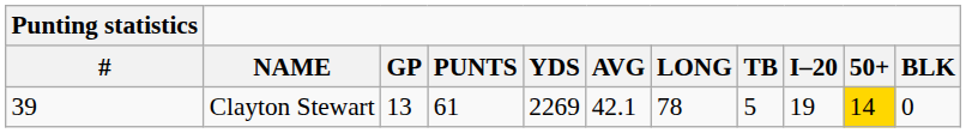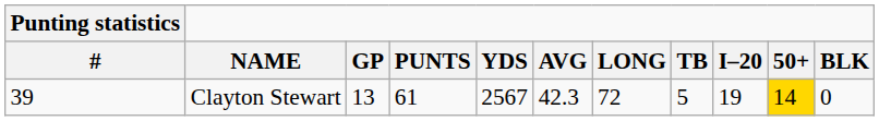 <table class="wikitable collapsible">
 <tr>
 <th style="text-align:center; ">Punting statistics</th>
 </tr>
 <tr>
 <th>#</th>
 <th>NAME</th>
 <th>GP</th>
 <th>PUNTS</th>
 <th>YDS</th>
 <th>AVG</th>
 <th>LONG</th>
 <th>TB</th>
 <th>I–20</th>
 <th>50+</th>
 <th>BLK</th>
 </tr>
 <tr>
 <td>39</td>
 <td>Clayton Stewart</td>
 <td>13</td>
 <td>61</td>
-<td>2269</td>
-<td>42.1</td>
-<td>78</td>
+<td>2567</td>
+<td>42.3</td>
+<td>72</td>
 <td>5</td>
 <td>19</td>
 <td style="background: gold;">14</td>
 <td>0</td>
 </tr>
 </table>
